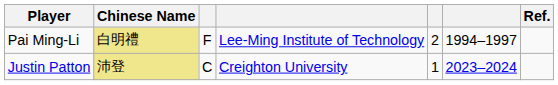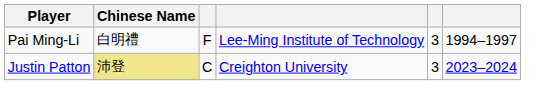 <table class="wikitable sortable" style="font-size:95%; text-align:left;">
 <tr>
 <th>Player</th>
 <th>Chinese Name</th>
 <th></th>
 <th></th>
 <th></th>
 <th></th>
-<th>Ref.</th>
 </tr>
 <tr>
 <td>Pai Ming-Li</td>
-<td style="background: khaki;">白明禮</td>
+<td>白明禮</td>
 <td align="center">F</td>
 <td><a href='#'>Lee-Ming Institute of Technology</a></td>
-<td align="center">2</td>
+<td align="center">3</td>
 <td align="center">1994–1997</td>
-<td></td>
 </tr>
 <tr>
 <td><a href='#'>Justin Patton</a></td>
 <td style="background: khaki;">沛登</td>
 <td align="center">C</td>
 <td><a href='#'>Creighton University</a></td>
-<td align="center">1</td>
+<td align="center">3</td>
 <td align="center"><a href='#'>2023–2024</a></td>
-<td></td>
 </tr>
 </table>
